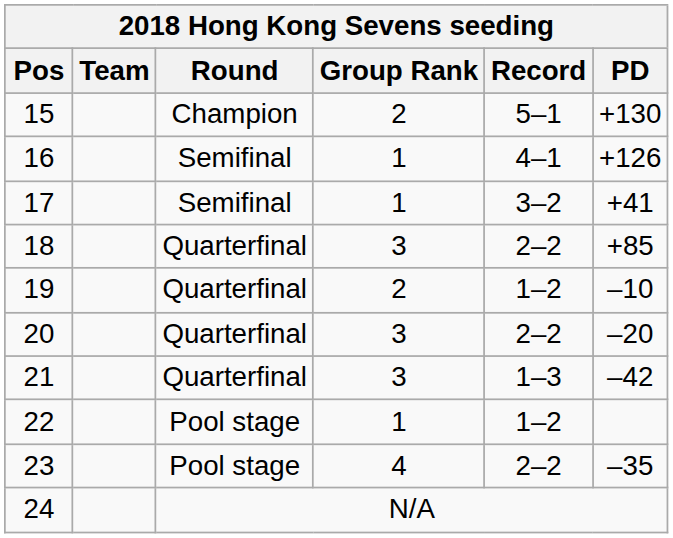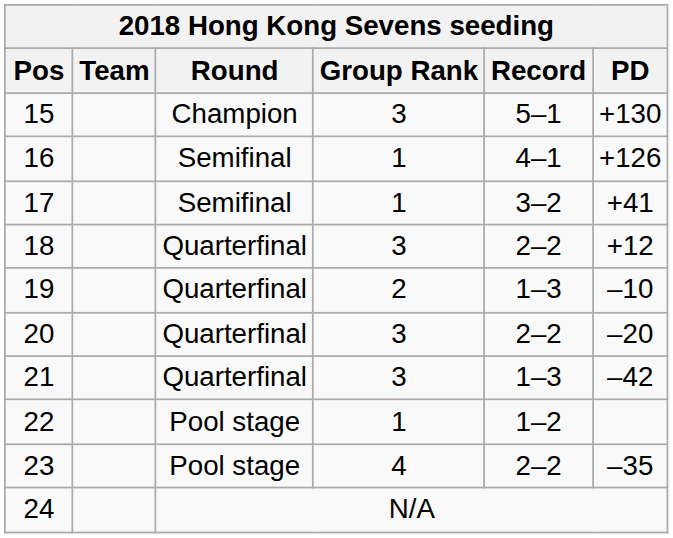 <table class="wikitable" style="text-align:center">
 <tr bgcolor="#efefef">
 <th colspan="6" style="border-right:0px;" ;>2018 Hong Kong Sevens seeding</th>
 </tr>
 <tr bgcolor="#efefef">
 <th style="width:2em;">Pos</th>
 <th>Team</th>
 <th>Round</th>
 <th>Group Rank</th>
 <th>Record</th>
 <th>PD</th>
 </tr>
 <tr>
 <td>15</td>
 <td align=left></td>
 <td>Champion</td>
-<td>2</td>
+<td>3</td>
 <td>5–1</td>
 <td>+130</td>
 </tr>
 <tr>
 <td>16</td>
 <td align=left></td>
 <td>Semifinal</td>
 <td>1</td>
 <td>4–1</td>
 <td>+126</td>
 </tr>
 <tr>
 <td>17</td>
 <td align=left></td>
 <td>Semifinal</td>
 <td>1</td>
 <td>3–2</td>
 <td>+41</td>
 </tr>
 <tr>
 <td>18</td>
 <td align=left></td>
 <td>Quarterfinal</td>
 <td>3</td>
 <td>2–2</td>
-<td>+85</td>
+<td>+12</td>
 </tr>
 <tr>
 <td>19</td>
 <td align="left"></td>
 <td>Quarterfinal</td>
 <td>2</td>
-<td>1–2</td>
+<td>1–3</td>
 <td>–10</td>
 </tr>
 <tr>
 <td>20</td>
 <td align="left"></td>
 <td>Quarterfinal</td>
 <td>3</td>
 <td>2–2</td>
 <td>–20</td>
 </tr>
 <tr>
 <td>21</td>
 <td align=left></td>
 <td>Quarterfinal</td>
 <td>3</td>
 <td>1–3</td>
 <td>–42</td>
 </tr>
 <tr>
 <td>22</td>
 <td align="left"></td>
 <td>Pool stage</td>
 <td>1</td>
 <td>1–2</td>
 <td></td>
 </tr>
 <tr>
 <td>23</td>
 <td align="left"></td>
 <td>Pool stage</td>
 <td>4</td>
 <td>2–2</td>
 <td>–35</td>
 </tr>
 <tr>
 <td>24</td>
 <td align=left></td>
 <td colspan="4">N/A</td>
 </tr>
 </table>
